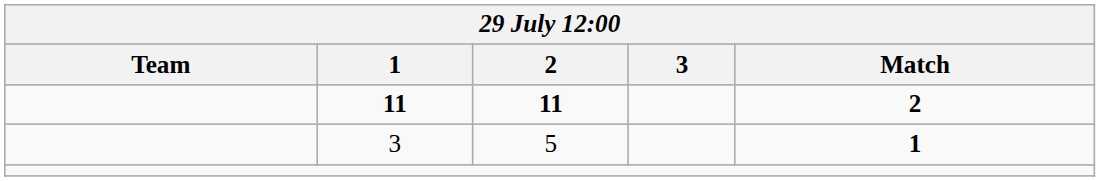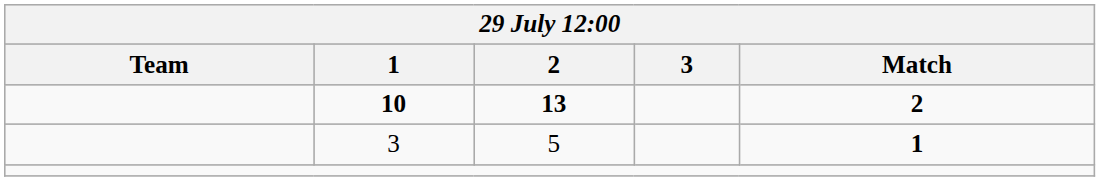 <table class=wikitable style="text-align:center; width: 55%">
 <tr>
 <th colspan=10><em>29 July 12:00</em></th>
 </tr>
 <tr>
 <th>Team</th>
 <th>1</th>
 <th>2</th>
 <th>3</th>
 <th>Match</th>
 </tr>
 <tr>
 <td align=left><strong><br></strong></td>
-<td><strong>11</strong></td>
-<td><strong>11</strong></td>
+<td><strong>10</strong></td>
+<td><strong>13</strong></td>
 <td></td>
 <td><strong>2</strong></td>
 </tr>
 <tr>
 <td align=left><br></td>
 <td>3</td>
 <td>5</td>
 <td></td>
 <td><strong>1</strong></td>
 </tr>
 <tr>
 <td colspan=10></td>
 </tr>
 </table>
